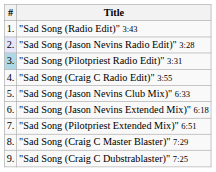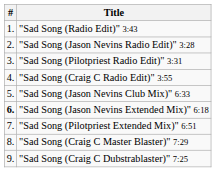 <table class="wikitable">
 <tr>
 <th>#</th>
 <th>Title</th>
 </tr>
 <tr>
 <td>1.</td>
 <td>"Sad Song (Radio Edit)" <small>3:43</small></td>
 </tr>
 <tr>
-<td style="background: lavender;">2.</td>
+<td>2.</td>
 <td>"Sad Song (Jason Nevins Radio Edit)" <small>3:28</small></td>
 </tr>
 <tr>
-<td style="background: lightblue;">3.</td>
+<td>3.</td>
 <td>"Sad Song (Pilotpriest Radio Edit)" <small>3:31</small></td>
 </tr>
 <tr>
 <td>4.</td>
 <td>"Sad Song (Craig C Radio Edit)" <small>3:55</small></td>
 </tr>
 <tr>
 <td>5.</td>
 <td>"Sad Song (Jason Nevins Club Mix)" <small>6:33</small></td>
 </tr>
 <tr>
-<td>6.</td>
+<td><strong>6.</strong></td>
 <td>"Sad Song (Jason Nevins Extended Mix)" <small>6:18</small></td>
 </tr>
 <tr>
 <td>7.</td>
 <td>"Sad Song (Pilotpriest Extended Mix)" <small>6:51</small></td>
 </tr>
 <tr>
 <td>8.</td>
 <td>"Sad Song (Craig C Master Blaster)" <small>7:29</small></td>
 </tr>
 <tr>
 <td>9.</td>
 <td>"Sad Song (Craig C Dubstrablaster)" <small>7:25</small></td>
 </tr>
 </table>
